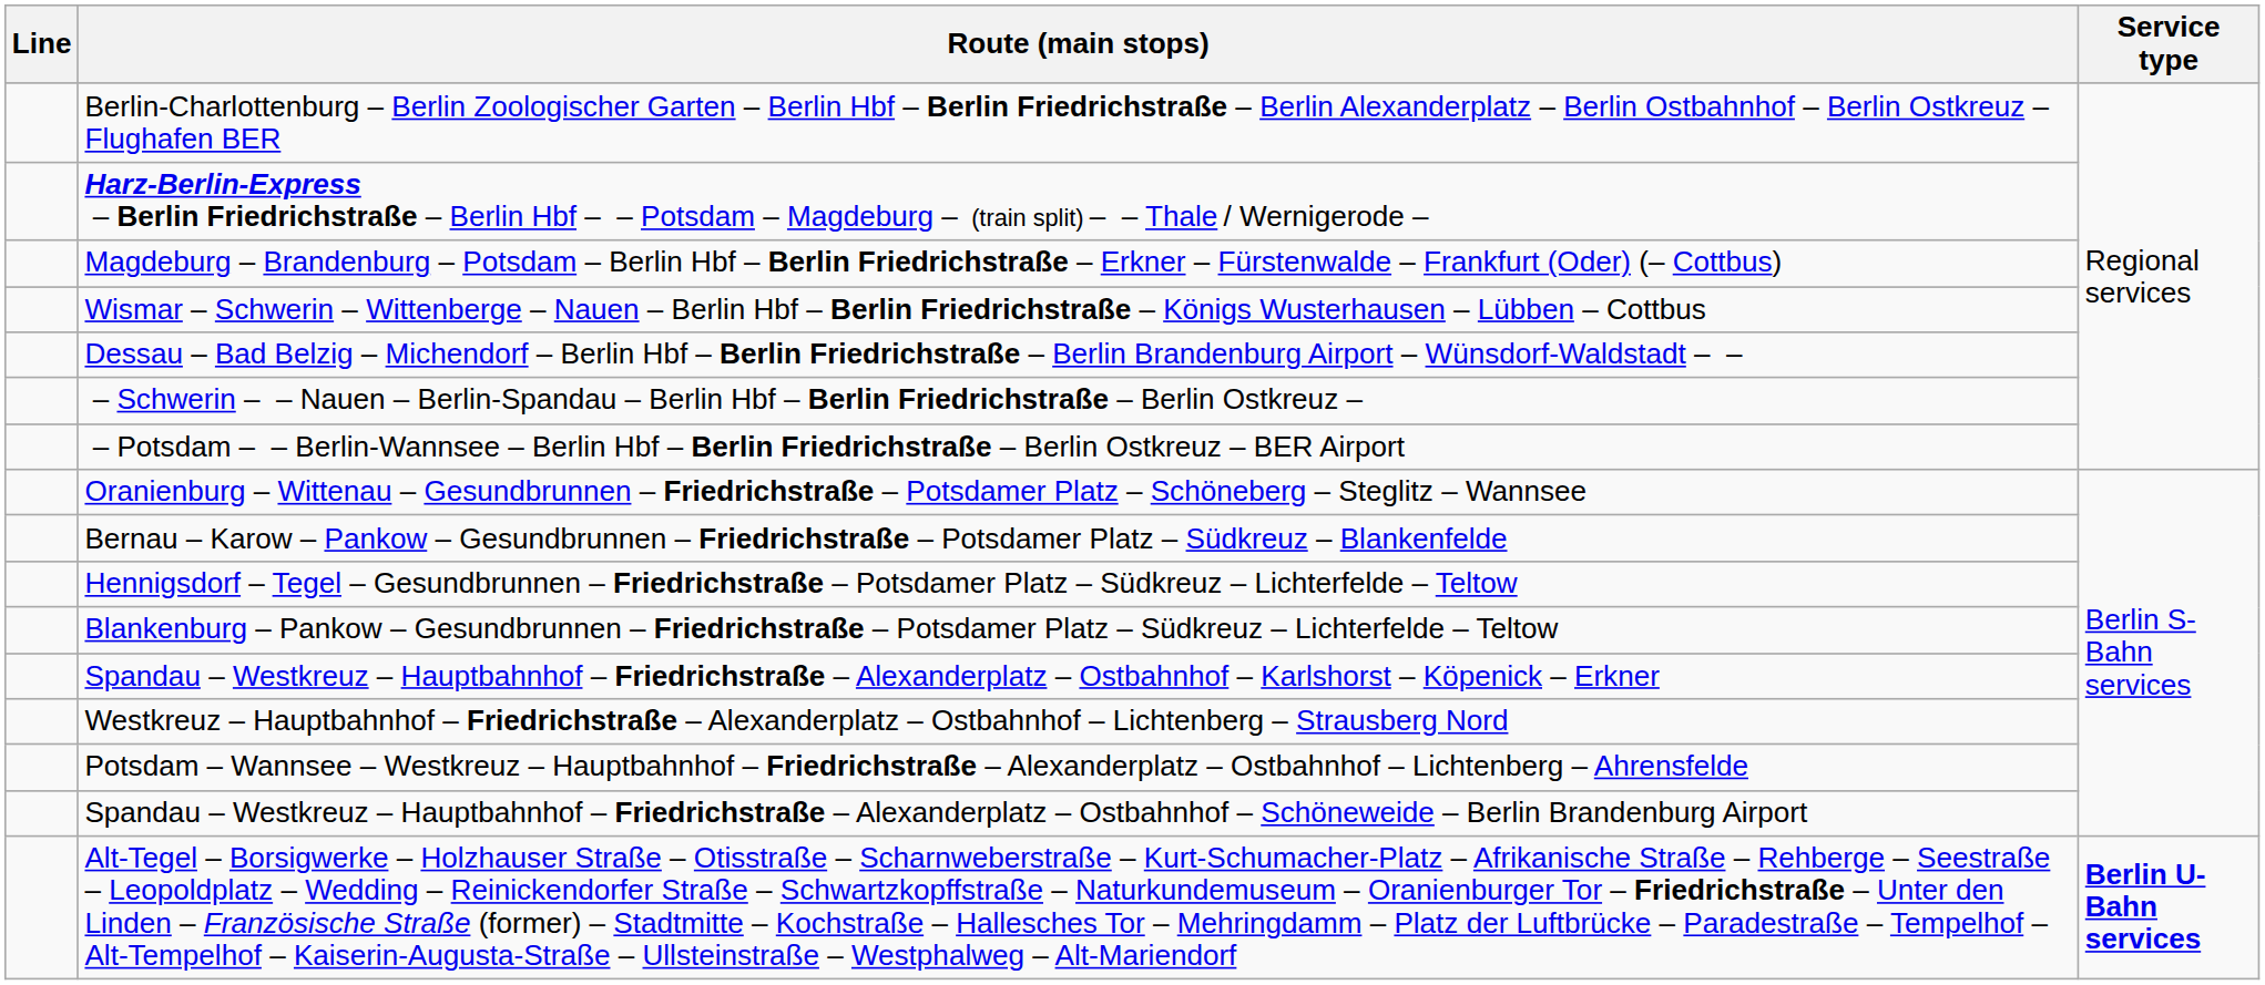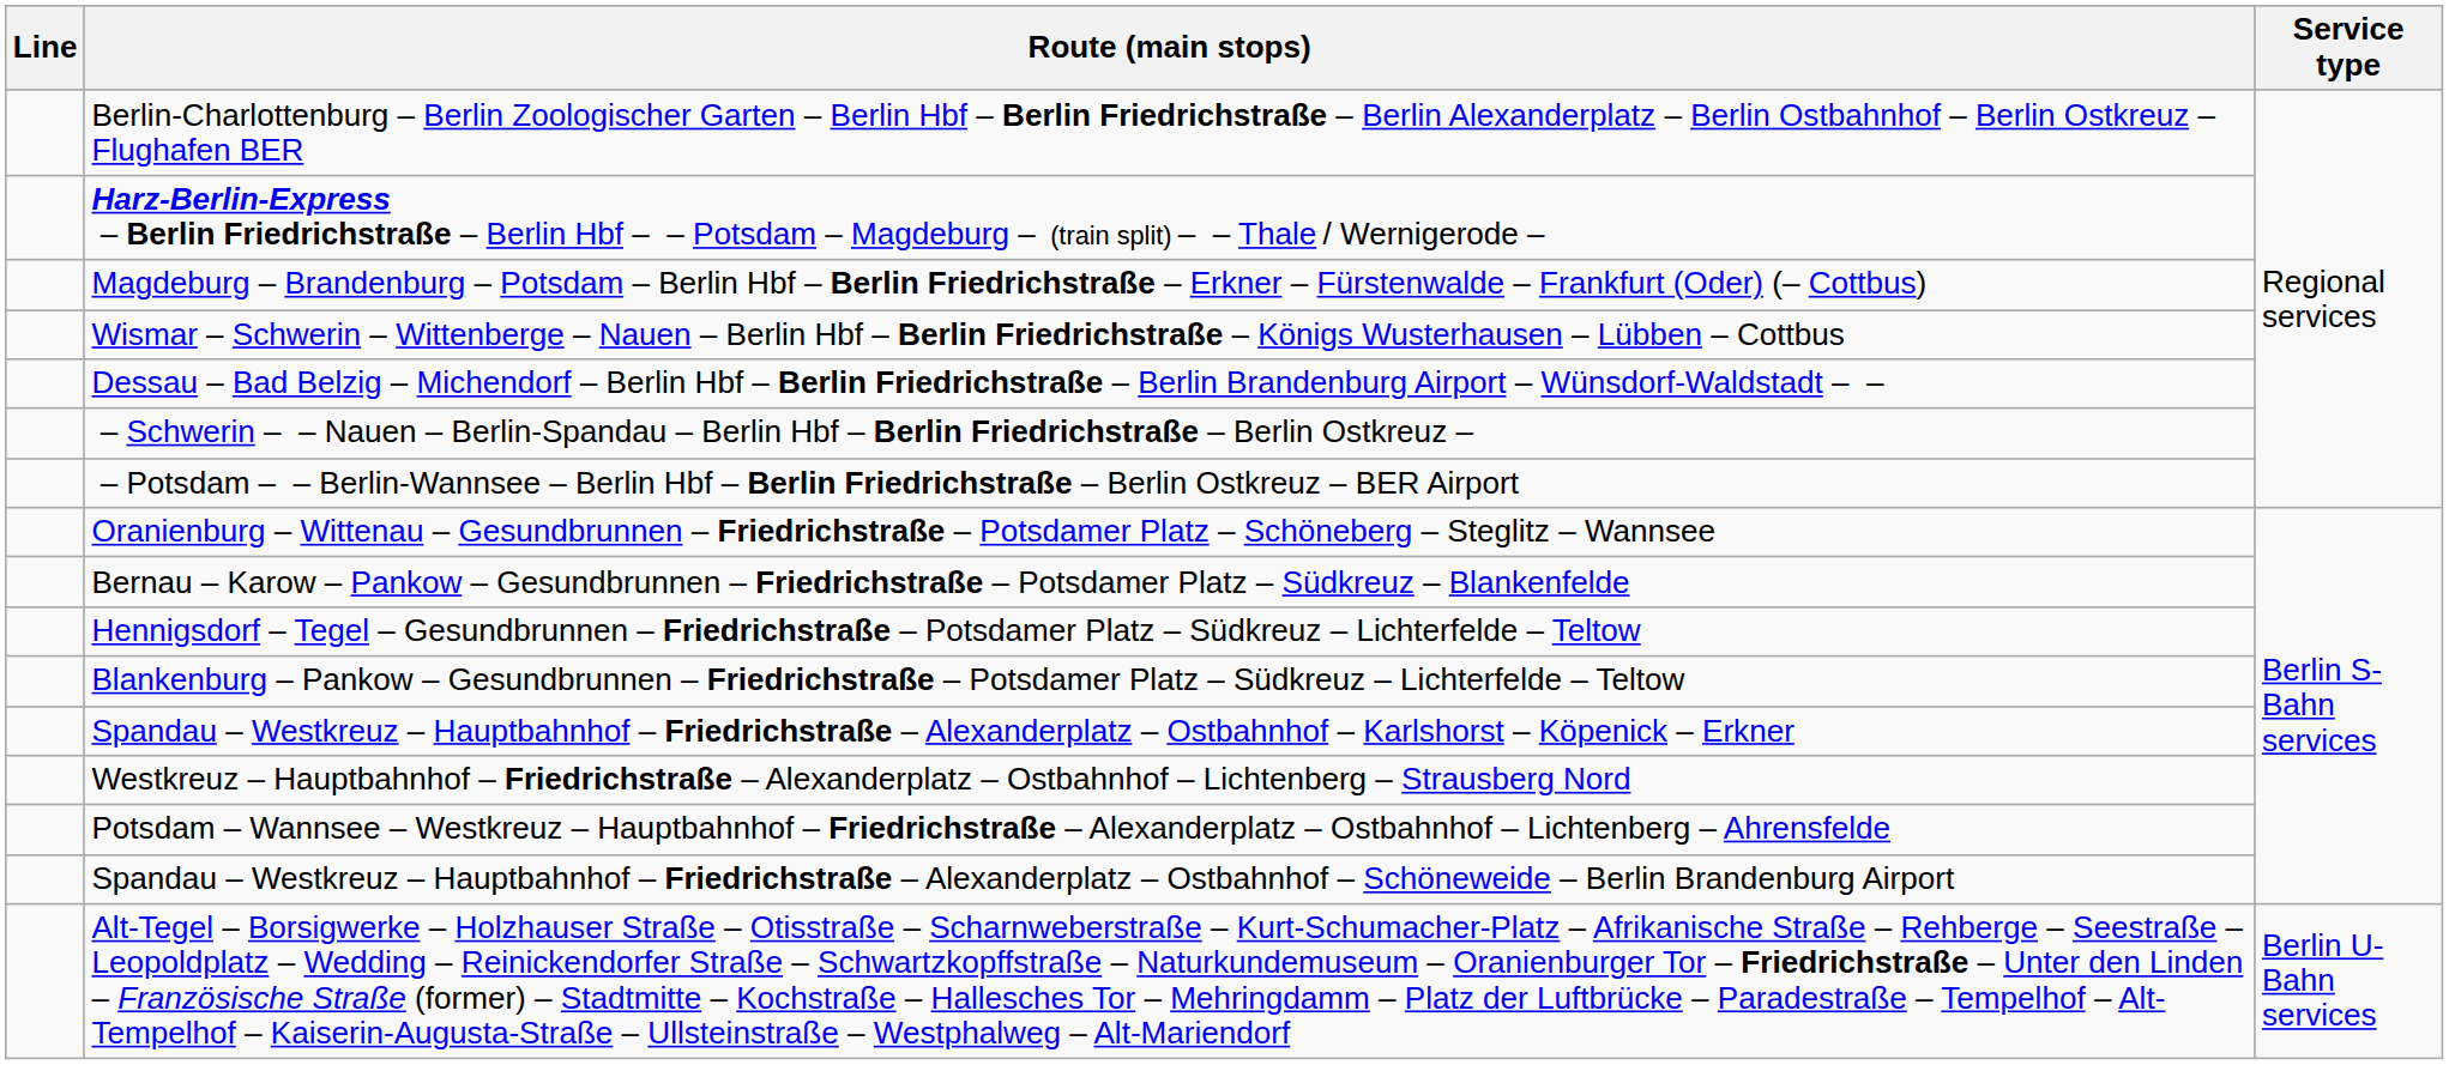 <table class="wikitable">
 <tr>
 <th>Line</th>
 <th>Route <strong>(main stops)</strong></th>
 <th>Service type</th>
 </tr>
 <tr>
 <td></td>
 <td>Berlin-Charlottenburg – <a href='#'>Berlin Zoologischer Garten</a> – <a href='#'>Berlin Hbf</a> – <strong>Berlin Friedrichstraße</strong> – <a href='#'>Berlin Alexanderplatz</a> – <a href='#'>Berlin Ostbahnhof</a> – <a href='#'>Berlin Ostkreuz</a> – <a href='#'>Flughafen BER</a></td>
 <td rowspan="7">Regional services</td>
 </tr>
 <tr>
 <td style="text-align:center;"></td>
 <td><strong><em><a href='#'>Harz-Berlin-Express</a></em></strong><br> – <strong>Berlin Friedrichstraße</strong> – <a href='#'>Berlin Hbf</a> –  – <a href='#'>Potsdam</a> – <a href='#'>Magdeburg</a> –  <small>(train split)</small> –  – <a href='#'>Thale</a> / Wernigerode – </td>
 </tr>
 <tr>
 <td></td>
 <td><a href='#'>Magdeburg</a> – <a href='#'>Brandenburg</a> – <a href='#'>Potsdam</a> – Berlin Hbf – <strong>Berlin Friedrichstraße</strong> – <a href='#'>Erkner</a> – <a href='#'>Fürstenwalde</a> – <a href='#'>Frankfurt (Oder)</a> (– <a href='#'>Cottbus</a>)</td>
 </tr>
 <tr>
 <td></td>
 <td><a href='#'>Wismar</a> – <a href='#'>Schwerin</a> – <a href='#'>Wittenberge</a> – <a href='#'>Nauen</a> – Berlin Hbf – <strong>Berlin Friedrichstraße</strong> – <a href='#'>Königs Wusterhausen</a> – <a href='#'>Lübben</a> – Cottbus</td>
 </tr>
 <tr>
 <td></td>
 <td><a href='#'>Dessau</a> – <a href='#'>Bad Belzig</a> – <a href='#'>Michendorf</a> – Berlin Hbf – <strong>Berlin Friedrichstraße</strong> – <a href='#'>Berlin Brandenburg Airport</a> – <a href='#'>Wünsdorf-Waldstadt</a> –  – </td>
 </tr>
 <tr>
 <td></td>
 <td> – <a href='#'>Schwerin</a> –  – Nauen – Berlin-Spandau – Berlin Hbf – <strong>Berlin Friedrichstraße</strong> – Berlin Ostkreuz – </td>
 </tr>
 <tr>
 <td></td>
 <td> – Potsdam –  – Berlin-Wannsee – Berlin Hbf – <strong>Berlin Friedrichstraße</strong> – Berlin Ostkreuz – BER Airport</td>
 </tr>
 <tr>
 <td></td>
 <td><a href='#'>Oranienburg</a> – <a href='#'>Wittenau</a> – <a href='#'>Gesundbrunnen</a> – <strong>Friedrichstraße</strong> – <a href='#'>Potsdamer Platz</a> – <a href='#'>Schöneberg</a> – Steglitz – Wannsee</td>
 <td rowspan="8"><a href='#'>Berlin S-Bahn services</a></td>
 </tr>
 <tr>
 <td></td>
 <td>Bernau – Karow – <a href='#'>Pankow</a> – Gesundbrunnen – <strong>Friedrichstraße</strong> – Potsdamer Platz – <a href='#'>Südkreuz</a> – <a href='#'>Blankenfelde</a></td>
 </tr>
 <tr>
 <td></td>
 <td><a href='#'>Hennigsdorf</a> – <a href='#'>Tegel</a> – Gesundbrunnen – <strong>Friedrichstraße</strong> – Potsdamer Platz – Südkreuz – Lichterfelde – <a href='#'>Teltow</a></td>
 </tr>
 <tr>
 <td></td>
 <td><a href='#'>Blankenburg</a> – Pankow – Gesundbrunnen – <strong>Friedrichstraße</strong> – Potsdamer Platz – Südkreuz – Lichterfelde – Teltow</td>
 </tr>
 <tr>
 <td></td>
 <td><a href='#'>Spandau</a> – <a href='#'>Westkreuz</a> – <a href='#'>Hauptbahnhof</a> – <strong>Friedrichstraße</strong> – <a href='#'>Alexanderplatz</a> – <a href='#'>Ostbahnhof</a> – <a href='#'>Karlshorst</a> – <a href='#'>Köpenick</a> – <a href='#'>Erkner</a></td>
 </tr>
 <tr>
 <td></td>
 <td>Westkreuz – Hauptbahnhof – <strong>Friedrichstraße</strong> – Alexanderplatz – Ostbahnhof – Lichtenberg – <a href='#'>Strausberg Nord</a></td>
 </tr>
 <tr>
 <td></td>
 <td>Potsdam – Wannsee – Westkreuz – Hauptbahnhof – <strong>Friedrichstraße</strong> – Alexanderplatz – Ostbahnhof – Lichtenberg – <a href='#'>Ahrensfelde</a></td>
 </tr>
 <tr>
 <td></td>
 <td>Spandau – Westkreuz – Hauptbahnhof – <strong>Friedrichstraße</strong> – Alexanderplatz – Ostbahnhof – <a href='#'>Schöneweide</a> – Berlin Brandenburg Airport</td>
 </tr>
 <tr>
 <td></td>
 <td><a href='#'>Alt-Tegel</a> – <a href='#'>Borsigwerke</a> – <a href='#'>Holzhauser Straße</a> – <a href='#'>Otisstraße</a> – <a href='#'>Scharnweberstraße</a> – <a href='#'>Kurt-Schumacher-Platz</a> – <a href='#'>Afrikanische Straße</a> – <a href='#'>Rehberge</a> – <a href='#'>Seestraße</a> – <a href='#'>Leopoldplatz</a> – <a href='#'>Wedding</a> – <a href='#'>Reinickendorfer Straße</a> – <a href='#'>Schwartzkopffstraße</a> – <a href='#'>Naturkundemuseum</a> – <a href='#'>Oranienburger Tor</a> – <strong>Friedrichstraße</strong> – <a href='#'>Unter den Linden</a> – <a href='#'><em>Französische Straße</em></a> (former) – <a href='#'>Stadtmitte</a> – <a href='#'>Kochstraße</a> – <a href='#'>Hallesches Tor</a> – <a href='#'>Mehringdamm</a> – <a href='#'>Platz der Luftbrücke</a> – <a href='#'>Paradestraße</a> – <a href='#'>Tempelhof</a> – <a href='#'>Alt-Tempelhof</a> – <a href='#'>Kaiserin-Augusta-Straße</a> – <a href='#'>Ullsteinstraße</a> – <a href='#'>Westphalweg</a> – <a href='#'>Alt-Mariendorf</a></td>
-<td><strong><a href='#'>Berlin U-Bahn services</a></strong></td>
+<td><a href='#'>Berlin U-Bahn services</a></td>
 </tr>
 </table>
